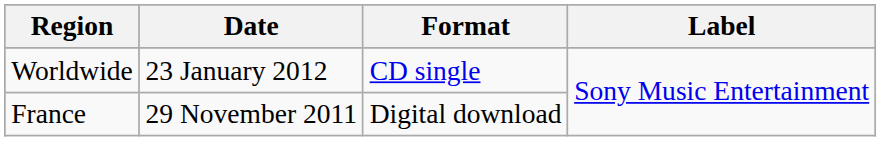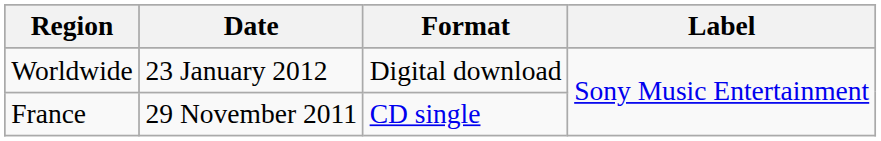 <table class=wikitable>
 <tr>
 <th>Region</th>
 <th>Date</th>
 <th>Format</th>
 <th>Label</th>
 </tr>
 <tr>
 <td>Worldwide</td>
 <td>23 January 2012</td>
-<td><a href='#'>CD single</a></td>
+<td>Digital download</td>
 <td rowspan="2"><a href='#'>Sony Music Entertainment</a></td>
 </tr>
 <tr>
 <td>France</td>
 <td>29 November 2011</td>
-<td>Digital download</td>
+<td><a href='#'>CD single</a></td>
 </tr>
 </table>
